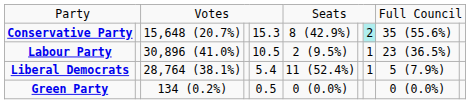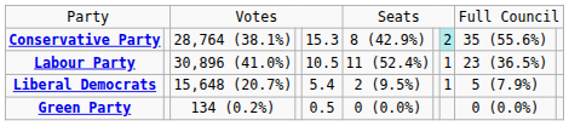 <table class=wikitable style="text-align:center;">
 <tr>
 <td colspan=2>Party</td>
 <td colspan=3>Votes</td>
 <td colspan=3>Seats</td>
 <td colspan=3>Full Council</td>
 </tr>
 <tr>
 <td><strong><a href='#'>Conservative Party</a></strong></td>
 <td style="background:"></td>
-<td>15,648 (20.7%)</td>
+<td>28,764 (38.1%)</td>
 <td></td>
 <td> 15.3</td>
 <td>8 (42.9%)</td>
 <td></td>
 <td style="background: paleturquoise;"> 2</td>
 <td>35 (55.6%)</td>
 <td></td>
 </tr>
 <tr>
 <td><strong><a href='#'>Labour Party</a></strong></td>
 <td style="background:"></td>
 <td>30,896 (41.0%)</td>
 <td></td>
 <td> 10.5</td>
-<td>2 (9.5%)</td>
+<td>11 (52.4%)</td>
 <td></td>
 <td> 1</td>
 <td>23 (36.5%)</td>
 <td></td>
 </tr>
 <tr>
 <td><strong><a href='#'>Liberal Democrats</a></strong></td>
 <td style="background:"></td>
-<td>28,764 (38.1%)</td>
+<td>15,648 (20.7%)</td>
 <td></td>
 <td> 5.4</td>
-<td>11 (52.4%)</td>
+<td>2 (9.5%)</td>
 <td></td>
 <td> 1</td>
 <td>5 (7.9%)</td>
 <td></td>
 </tr>
 <tr>
 <td><strong><a href='#'>Green Party</a></strong></td>
 <td style="background:"></td>
 <td>134 (0.2%)</td>
 <td></td>
 <td> 0.5</td>
 <td>0 (0.0%)</td>
 <td></td>
 <td></td>
 <td>0 (0.0%)</td>
 <td></td>
 </tr>
 </table>
